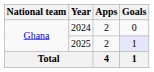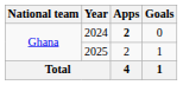 <table class="wikitable" style="text-align:center">
 <tr>
 <th>National team</th>
 <th>Year</th>
 <th>Apps</th>
 <th>Goals</th>
 </tr>
 <tr>
 <td rowspan="2"><a href='#'>Ghana</a></td>
 <td>2024</td>
-<td>2</td>
+<td><strong>2</strong></td>
 <td>0</td>
 </tr>
 <tr>
 <td>2025</td>
 <td>2</td>
-<td style="background: lavender;">1</td>
+<td>1</td>
 </tr>
 <tr>
 <th colspan="2">Total</th>
 <th>4</th>
 <th>1</th>
 </tr>
 </table>
